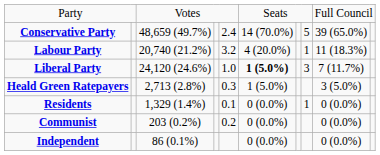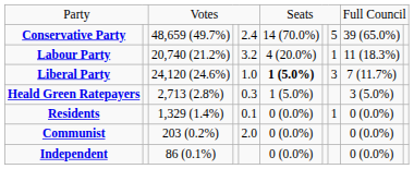 <table class=wikitable style="text-align:center;">
 <tr>
 <td colspan=2>Party</td>
 <td colspan=3>Votes</td>
 <td colspan=3>Seats</td>
 <td colspan=3>Full Council</td>
 </tr>
 <tr>
 <td><strong><a href='#'>Conservative Party</a></strong></td>
 <td style="background:"></td>
 <td>48,659 (49.7%)</td>
 <td></td>
 <td> 2.4</td>
 <td>14 (70.0%)</td>
 <td></td>
 <td> 5</td>
 <td>39 (65.0%)</td>
 <td></td>
 </tr>
 <tr>
 <td><strong><a href='#'>Labour Party</a></strong></td>
 <td style="background:"></td>
 <td>20,740 (21.2%)</td>
 <td></td>
 <td> 3.2</td>
 <td>4 (20.0%)</td>
 <td></td>
 <td> 1</td>
 <td>11 (18.3%)</td>
 <td></td>
 </tr>
 <tr>
 <td><strong><a href='#'>Liberal Party</a></strong></td>
 <td style="background:"></td>
 <td>24,120 (24.6%)</td>
 <td></td>
 <td> 1.0</td>
 <td><strong>1  (5.0%)</strong></td>
 <td></td>
 <td> 3</td>
 <td>7 (11.7%)</td>
 <td></td>
 </tr>
 <tr>
 <td><strong><a href='#'>Heald Green Ratepayers</a></strong></td>
 <td style="background:"></td>
 <td>2,713 (2.8%)</td>
 <td></td>
 <td> 0.3</td>
 <td>1  (5.0%)</td>
 <td></td>
 <td></td>
 <td>3 (5.0%)</td>
 <td></td>
 </tr>
 <tr>
 <td><strong><a href='#'>Residents</a></strong></td>
 <td style="background:"></td>
 <td>1,329 (1.4%)</td>
 <td></td>
 <td> 0.1</td>
 <td>0  (0.0%)</td>
 <td></td>
 <td> 1</td>
 <td>0 (0.0%)</td>
 <td></td>
 </tr>
 <tr>
 <td><strong><a href='#'>Communist</a></strong></td>
 <td style="background:"></td>
 <td>203 (0.2%)</td>
 <td></td>
-<td> 0.2</td>
+<td> 2.0</td>
 <td>0  (0.0%)</td>
 <td></td>
 <td></td>
 <td>0 (0.0%)</td>
 <td></td>
 </tr>
 <tr>
 <td><strong><a href='#'>Independent</a></strong></td>
 <td style="background:"></td>
 <td>86 (0.1%)</td>
 <td></td>
 <td></td>
 <td>0  (0.0%)</td>
 <td></td>
 <td></td>
 <td>0 (0.0%)</td>
 <td></td>
 </tr>
 </table>
